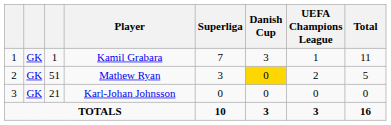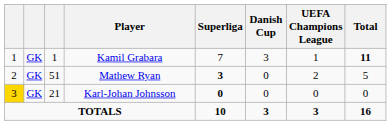 <table class="wikitable sortable" style="font-size: 95%; text-align: center;">
 <tr>
 <th width=20></th>
 <th width=20></th>
 <th width=20></th>
 <th width=175>Player</th>
 <th width=50>Superliga</th>
 <th width=50>Danish Cup</th>
 <th width=50>UEFA Champions League</th>
 <th width=50>Total</th>
 </tr>
 <tr>
 <td rowspan=1>1</td>
 <td><a href='#'>GK</a></td>
 <td>1</td>
 <td> <a href='#'>Kamil Grabara</a></td>
 <td>7</td>
 <td>3</td>
 <td>1</td>
-<td>11</td>
+<td><strong>11</strong></td>
 </tr>
 <tr>
 <td rowspan=1>2</td>
 <td><a href='#'>GK</a></td>
 <td>51</td>
 <td>  <a href='#'>Mathew Ryan</a></td>
-<td>3</td>
-<td style="background: gold;">0</td>
+<td><strong>3</strong></td>
+<td>0</td>
 <td>2</td>
 <td>5</td>
 </tr>
 <tr>
-<td rowspan=1>3</td>
+<td rowspan=1 style="background: gold;">3</td>
 <td><a href='#'>GK</a></td>
 <td>21</td>
 <td> <a href='#'>Karl-Johan Johnsson</a></td>
-<td>0</td>
+<td><strong>0</strong></td>
 <td>0</td>
 <td>0</td>
 <td>0</td>
 </tr>
 <tr>
 <td colspan="4"><strong>TOTALS</strong></td>
 <td><strong>10</strong></td>
 <td><strong>3</strong></td>
 <td><strong>3</strong></td>
 <td><strong>16</strong></td>
 </tr>
 </table>
